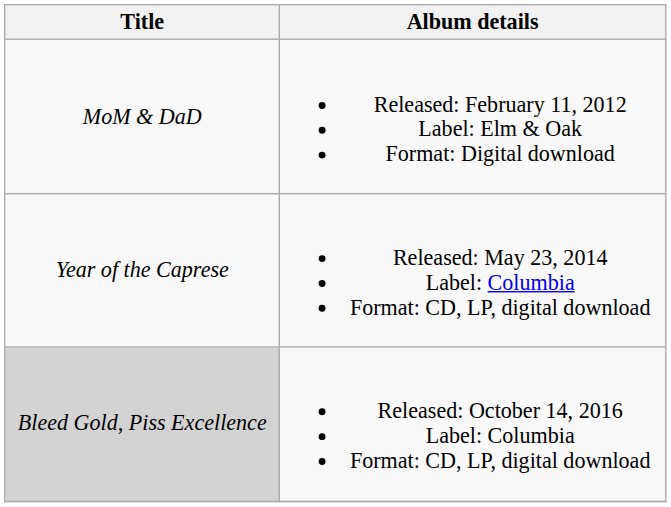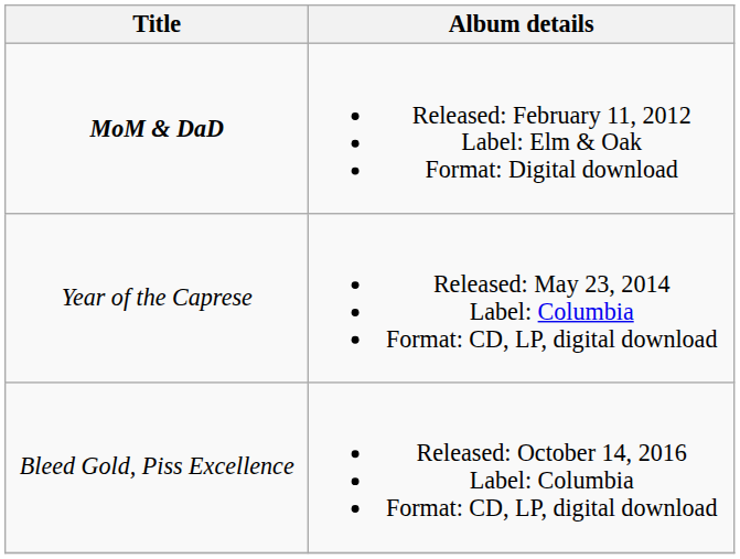 <table class="wikitable plainrowheaders" style="text-align:center;">
 <tr>
 <th scope="col" style="width:12em;">Title</th>
 <th scope="col" style="width:17em;">Album details</th>
 </tr>
 <tr>
-<td scope="row"><em>MoM & DaD</em></td>
+<td scope="row"><strong><em>MoM & DaD</em></strong></td>
 <td><br><ul><li>Released: February 11, 2012</li><li>Label: Elm & Oak</li><li>Format: Digital download</li></ul></td>
 </tr>
 <tr>
 <td scope="row"><em>Year of the Caprese</em></td>
 <td><br><ul><li>Released: May 23, 2014</li><li>Label: <a href='#'>Columbia</a></li><li>Format: CD, LP, digital download</li></ul></td>
 </tr>
 <tr>
-<td scope="row" style="background: lightgrey;"><em>Bleed Gold, Piss Excellence</em></td>
+<td scope="row"><em>Bleed Gold, Piss Excellence</em></td>
 <td><br><ul><li>Released: October 14, 2016</li><li>Label: Columbia</li><li>Format: CD, LP, digital download</li></ul></td>
 </tr>
 <tr>
 </tr>
 </table>
